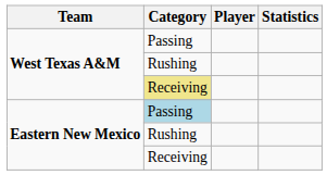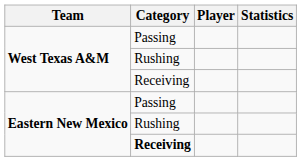 <table class="wikitable" style="float: right;">
 <tr>
 <th>Team</th>
 <th>Category</th>
 <th>Player</th>
 <th>Statistics</th>
 </tr>
 <tr>
 <td rowspan=3><strong>West Texas A&M</strong></td>
 <td>Passing</td>
 <td></td>
 <td></td>
 </tr>
 <tr>
 <td>Rushing</td>
 <td></td>
 <td></td>
 </tr>
 <tr>
-<td style="background: khaki;">Receiving</td>
+<td>Receiving</td>
 <td></td>
 <td></td>
 </tr>
 <tr>
 <td rowspan=3><strong>Eastern New Mexico</strong></td>
-<td style="background: lightblue;">Passing</td>
+<td>Passing</td>
 <td></td>
 <td></td>
 </tr>
 <tr>
 <td>Rushing</td>
 <td></td>
 <td></td>
 </tr>
 <tr>
-<td>Receiving</td>
+<td><strong>Receiving</strong></td>
 <td></td>
 <td></td>
 </tr>
 </table>
